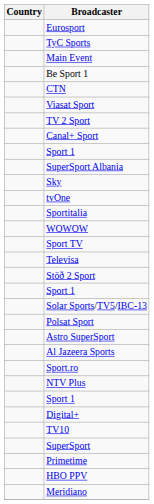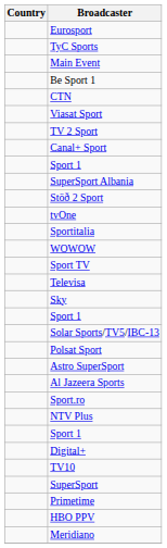 <table class="wikitable">
 <tr>
 <th align=center>Country</th>
 <th align=center>Broadcaster</th>
 </tr>
 <tr>
 <td align=left></td>
 <td><a href='#'>Eurosport</a></td>
 </tr>
 <tr>
 <td align=left></td>
 <td><a href='#'>TyC Sports</a></td>
 </tr>
 <tr>
 <td></td>
 <td><a href='#'>Main Event</a></td>
 </tr>
 <tr>
 <td></td>
 <td>Be Sport 1</td>
 </tr>
 <tr>
 <td></td>
 <td><a href='#'>CTN</a></td>
 </tr>
 <tr>
 <td></td>
 <td><a href='#'>Viasat Sport</a></td>
 </tr>
 <tr>
 <td></td>
 <td><a href='#'>TV 2 Sport</a></td>
 </tr>
 <tr>
 <td></td>
 <td><a href='#'>Canal+ Sport</a></td>
 </tr>
 <tr>
 <td></td>
 <td><a href='#'>Sport 1</a></td>
 </tr>
 <tr>
 <td></td>
 <td><a href='#'>SuperSport Albania</a></td>
 </tr>
 <tr>
 <td></td>
-<td><a href='#'>Sky</a></td>
+<td><a href='#'>Stöð 2 Sport</a></td>
 </tr>
 <tr>
 <td></td>
 <td><a href='#'>tvOne</a></td>
 </tr>
 <tr>
 <td></td>
 <td><a href='#'>Sportitalia</a></td>
 </tr>
 <tr>
 <td></td>
 <td><a href='#'>WOWOW</a></td>
 </tr>
 <tr>
 <td></td>
 <td><a href='#'>Sport TV</a></td>
 </tr>
 <tr>
 <td></td>
 <td><a href='#'>Televisa</a></td>
 </tr>
 <tr>
 <td></td>
-<td><a href='#'>Stöð 2 Sport</a></td>
+<td><a href='#'>Sky</a></td>
 </tr>
 <tr>
 <td></td>
 <td><a href='#'>Sport 1</a></td>
 </tr>
 <tr>
 <td></td>
 <td><a href='#'>Solar Sports</a>/<a href='#'>TV5</a>/<a href='#'>IBC-13</a></td>
 </tr>
 <tr>
 <td></td>
 <td><a href='#'>Polsat Sport</a></td>
 </tr>
 <tr>
 <td></td>
 <td><a href='#'>Astro SuperSport</a></td>
 </tr>
 <tr>
 <td></td>
 <td><a href='#'>Al Jazeera Sports</a></td>
 </tr>
 <tr>
 <td></td>
 <td><a href='#'>Sport.ro</a></td>
 </tr>
 <tr>
 <td></td>
 <td><a href='#'>NTV Plus</a></td>
 </tr>
 <tr>
 <td></td>
 <td><a href='#'>Sport 1</a></td>
 </tr>
 <tr>
 <td></td>
 <td><a href='#'>Digital+</a></td>
 </tr>
 <tr>
 <td></td>
 <td><a href='#'>TV10</a></td>
 </tr>
 <tr>
 <td></td>
 <td><a href='#'>SuperSport</a></td>
 </tr>
 <tr>
 <td></td>
 <td><a href='#'>Primetime</a></td>
 </tr>
 <tr>
 <td></td>
 <td><a href='#'>HBO PPV</a></td>
 </tr>
 <tr>
 <td></td>
 <td><a href='#'>Meridiano</a></td>
 </tr>
 <tr>
 </tr>
 </table>
